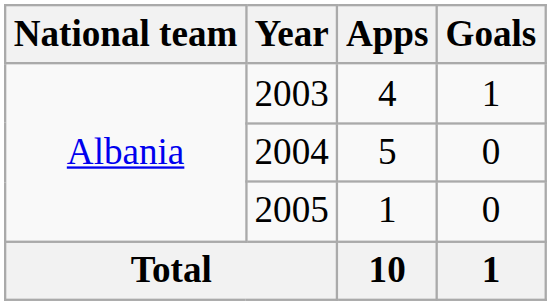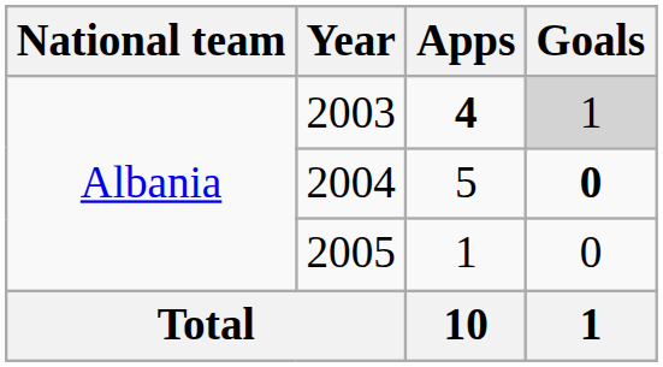 <table class="wikitable" style="text-align:center">
 <tr>
 <th>National team</th>
 <th>Year</th>
 <th>Apps</th>
 <th>Goals</th>
 </tr>
 <tr>
 <td rowspan="3"><a href='#'>Albania</a></td>
 <td>2003</td>
-<td>4</td>
-<td>1</td>
+<td><strong>4</strong></td>
+<td style="background: lightgrey;">1</td>
 </tr>
 <tr>
 <td>2004</td>
 <td>5</td>
-<td>0</td>
+<td><strong>0</strong></td>
 </tr>
 <tr>
 <td>2005</td>
 <td>1</td>
 <td>0</td>
 </tr>
 <tr>
 <th colspan="2">Total</th>
 <th>10</th>
 <th>1</th>
 </tr>
 </table>
